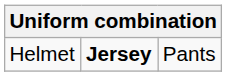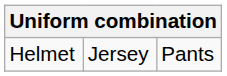 <table class="wikitable" style="display:inline-table">
 <tr>
 <th colspan=3>Uniform combination</th>
 </tr>
 <tr>
 <td>Helmet</td>
-<td><strong>Jersey</strong></td>
+<td>Jersey</td>
 <td>Pants</td>
 </tr>
 </table>
